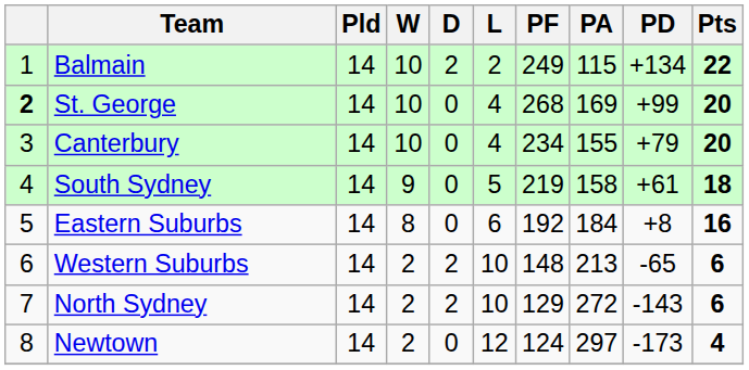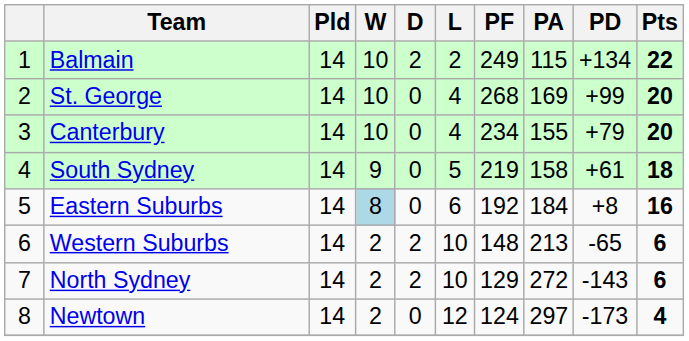 <table class="wikitable" style="text-align:center;">
 <tr>
 <th width=20 abbr="Position"></th>
 <th width=175>Team</th>
 <th width=20 abbr="Played">Pld</th>
 <th width=20 abbr="Won">W</th>
 <th width=20 abbr="Drawn">D</th>
 <th width=20 abbr="Lost">L</th>
 <th width=20 abbr="Points for">PF</th>
 <th width=20 abbr="Points against">PA</th>
 <th width=20 abbr="Points difference">PD</th>
 <th width=20 abbr="Points">Pts</th>
 </tr>
 <tr style="background: #ccffcc;">
 <td>1</td>
 <td style="text-align:left;"> <a href='#'>Balmain</a></td>
 <td>14</td>
 <td>10</td>
 <td>2</td>
 <td>2</td>
 <td>249</td>
 <td>115</td>
 <td>+134</td>
 <td><strong>22</strong></td>
 </tr>
 <tr style="background: #ccffcc;">
-<td><strong>2</strong></td>
+<td>2</td>
 <td style="text-align:left;"> <a href='#'>St. George</a></td>
 <td>14</td>
 <td>10</td>
 <td>0</td>
 <td>4</td>
 <td>268</td>
 <td>169</td>
 <td>+99</td>
 <td><strong>20</strong></td>
 </tr>
 <tr style="background: #ccffcc;">
 <td>3</td>
 <td style="text-align:left;"> <a href='#'>Canterbury</a></td>
 <td>14</td>
 <td>10</td>
 <td>0</td>
 <td>4</td>
 <td>234</td>
 <td>155</td>
 <td>+79</td>
 <td><strong>20</strong></td>
 </tr>
 <tr style="background: #ccffcc;">
 <td>4</td>
 <td style="text-align:left;"> <a href='#'>South Sydney</a></td>
 <td>14</td>
 <td>9</td>
 <td>0</td>
 <td>5</td>
 <td>219</td>
 <td>158</td>
 <td>+61</td>
 <td><strong>18</strong></td>
 </tr>
 <tr>
 <td>5</td>
 <td style="text-align:left;"> <a href='#'>Eastern Suburbs</a></td>
 <td>14</td>
-<td>8</td>
+<td style="background: lightblue;">8</td>
 <td>0</td>
 <td>6</td>
 <td>192</td>
 <td>184</td>
 <td>+8</td>
 <td><strong>16</strong></td>
 </tr>
 <tr>
 <td>6</td>
 <td style="text-align:left;"> <a href='#'>Western Suburbs</a></td>
 <td>14</td>
 <td>2</td>
 <td>2</td>
 <td>10</td>
 <td>148</td>
 <td>213</td>
 <td>-65</td>
 <td><strong>6</strong></td>
 </tr>
 <tr>
 <td>7</td>
 <td style="text-align:left;"> <a href='#'>North Sydney</a></td>
 <td>14</td>
 <td>2</td>
 <td>2</td>
 <td>10</td>
 <td>129</td>
 <td>272</td>
 <td>-143</td>
 <td><strong>6</strong></td>
 </tr>
 <tr>
 <td>8</td>
 <td style="text-align:left;"> <a href='#'>Newtown</a></td>
 <td>14</td>
 <td>2</td>
 <td>0</td>
 <td>12</td>
 <td>124</td>
 <td>297</td>
 <td>-173</td>
 <td><strong>4</strong></td>
 </tr>
 <tr>
 </tr>
 </table>
